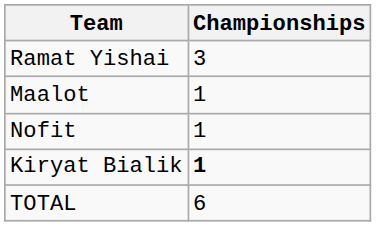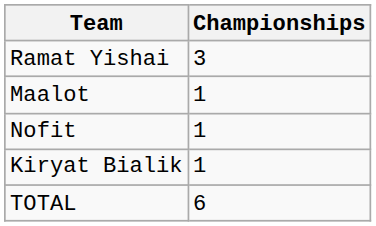 <table class="wikitable">
 <tr>
 <th>Team</th>
 <th>Championships</th>
 </tr>
 <tr>
 <td>Ramat Yishai</td>
 <td>3</td>
 </tr>
 <tr>
 <td>Maalot</td>
 <td>1</td>
 </tr>
 <tr>
 <td>Nofit</td>
 <td>1</td>
 </tr>
 <tr>
 <td>Kiryat Bialik</td>
-<td><strong>1</strong></td>
+<td>1</td>
 </tr>
 <tr>
 <td>TOTAL</td>
 <td>6</td>
 </tr>
 </table>
